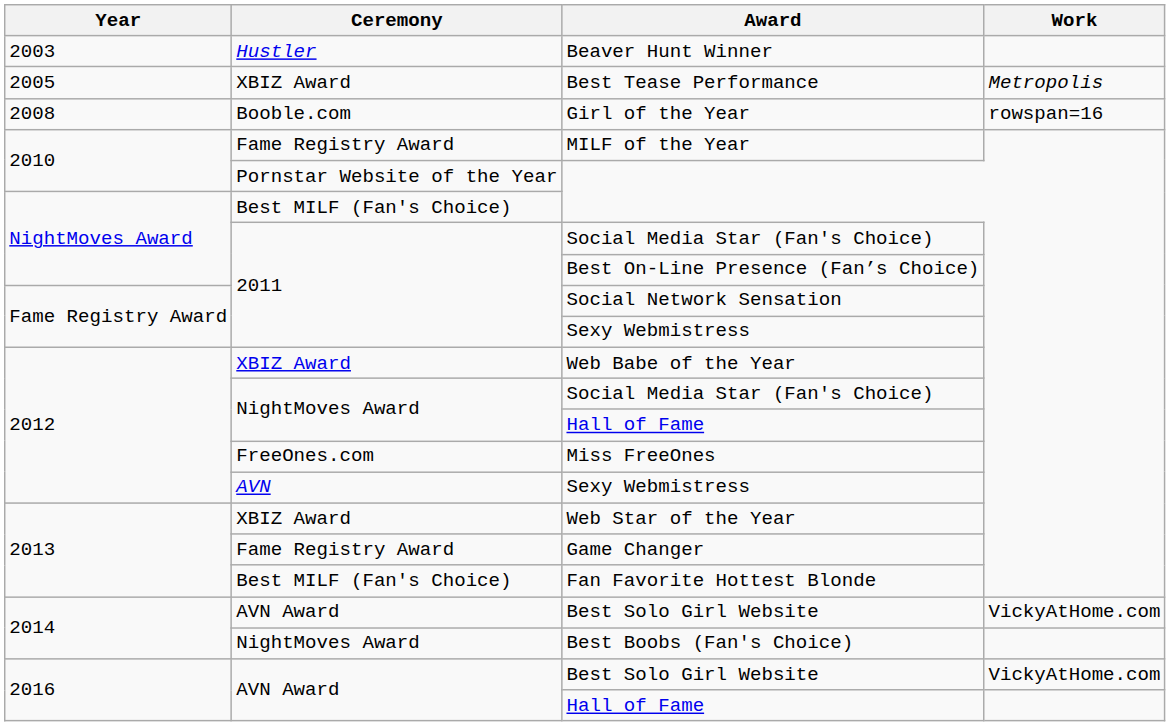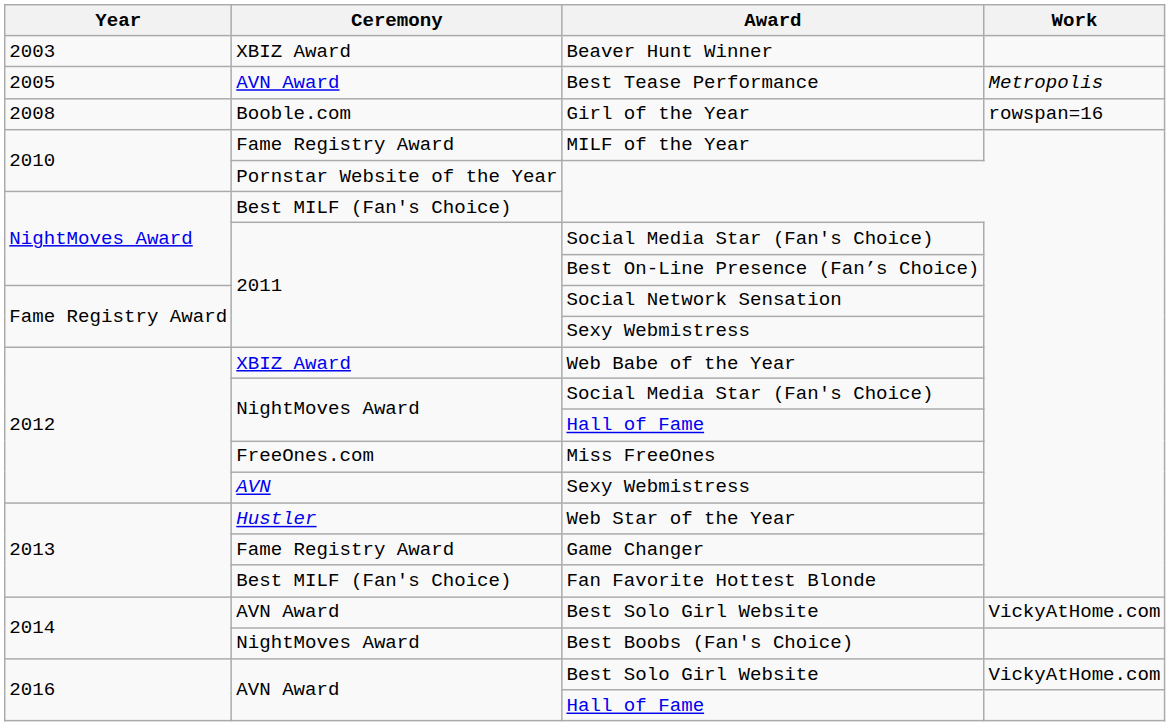 <table class="wikitable">
 <tr>
 <th>Year</th>
 <th>Ceremony</th>
 <th>Award</th>
 <th>Work</th>
 </tr>
 <tr>
 <td>2003</td>
-<td><em><a href='#'>Hustler</a></em></td>
+<td>XBIZ Award</td>
 <td>Beaver Hunt Winner</td>
 <td></td>
 </tr>
 <tr>
 <td>2005</td>
-<td>XBIZ Award</td>
+<td><a href='#'>AVN Award</a></td>
 <td>Best Tease Performance</td>
 <td><em>Metropolis</em></td>
 </tr>
 <tr>
 <td>2008</td>
 <td>Booble.com</td>
 <td>Girl of the Year</td>
 <td>rowspan=16 </td>
 </tr>
 <tr>
 <td rowspan=3>2010</td>
 <td rowspan=2>Fame Registry Award</td>
 <td>MILF of the Year</td>
 </tr>
 <tr>
 </tr>
 <tr>
 <td>Pornstar Website of the Year</td>
 </tr>
 <tr>
 <td rowspan=3><a href='#'>NightMoves Award</a></td>
 <td>Best MILF (Fan's Choice)</td>
 </tr>
 <tr>
 <td rowspan=4>2011</td>
 <td>Social Media Star (Fan's Choice)</td>
 </tr>
 <tr>
 <td>Best On-Line Presence (Fan’s Choice)</td>
 </tr>
 <tr>
 <td rowspan=2>Fame Registry Award</td>
 <td>Social Network Sensation</td>
 </tr>
 <tr>
 <td>Sexy Webmistress</td>
 </tr>
 <tr>
 <td rowspan=5>2012</td>
 <td><a href='#'>XBIZ Award</a></td>
 <td>Web Babe of the Year</td>
 </tr>
 <tr>
 <td rowspan=2>NightMoves Award</td>
 <td>Social Media Star (Fan's Choice)</td>
 </tr>
 <tr>
 <td><a href='#'>Hall of Fame</a></td>
 </tr>
 <tr>
 <td>FreeOnes.com</td>
 <td>Miss FreeOnes</td>
 </tr>
 <tr>
 <td><em><a href='#'>AVN</a></em></td>
 <td>Sexy Webmistress</td>
 </tr>
 <tr>
 <td rowspan=3>2013</td>
-<td>XBIZ Award</td>
+<td><em><a href='#'>Hustler</a></em></td>
 <td>Web Star of the Year</td>
 </tr>
 <tr>
 <td>Fame Registry Award</td>
 <td>Game Changer</td>
 </tr>
 <tr>
 <td>Best MILF (Fan's Choice)</td>
 <td>Fan Favorite Hottest Blonde</td>
 </tr>
 <tr>
 <td rowspan=2>2014</td>
 <td>AVN Award</td>
 <td>Best Solo Girl Website</td>
 <td>VickyAtHome.com</td>
 </tr>
 <tr>
 <td>NightMoves Award</td>
 <td>Best Boobs (Fan's Choice)</td>
 <td></td>
 </tr>
 <tr>
 <td rowspan=2>2016</td>
 <td rowspan=2>AVN Award</td>
 <td>Best Solo Girl Website</td>
 <td>VickyAtHome.com</td>
 </tr>
 <tr>
 <td><a href='#'>Hall of Fame</a></td>
 <td></td>
 </tr>
 </table>
